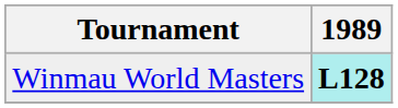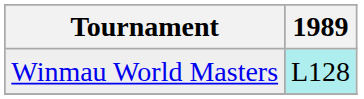 <table class="wikitable">
 <tr>
 <th>Tournament</th>
 <th>1989</th>
 </tr>
 <tr>
 <td style="background:#efefef;"><a href='#'>Winmau World Masters</a></td>
-<td style="text-align:center; background:#afeeee;"><strong>L128</strong></td>
+<td style="text-align:center; background:#afeeee;">L128</td>
 </tr>
 <tr>
 </tr>
 </table>
